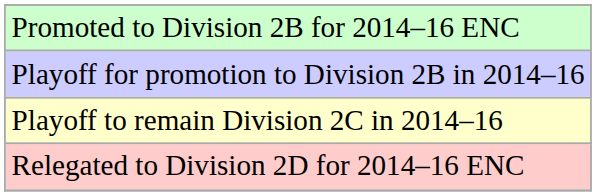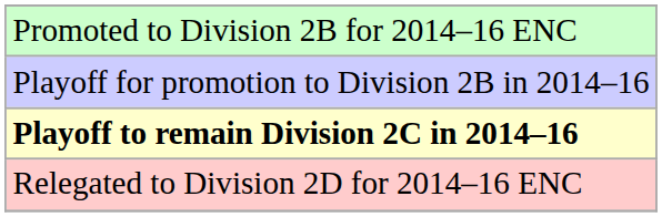 <table class="wikitable">
 <tr>
 </tr>
 <tr width=10px bgcolor="#ccffcc">
 <td>Promoted to Division 2B for 2014–16 ENC</td>
 </tr>
 <tr width=10px bgcolor="#ccccff">
 <td>Playoff for promotion to Division 2B in 2014–16</td>
 </tr>
 <tr width=10px bgcolor="#ffffcc">
-<td>Playoff to remain Division 2C in 2014–16</td>
+<td><strong>Playoff to remain Division 2C in 2014–16</strong></td>
 </tr>
 <tr width=10px bgcolor="#ffcccc">
 <td>Relegated to Division 2D for 2014–16 ENC</td>
 </tr>
 <tr>
 </tr>
 </table>
